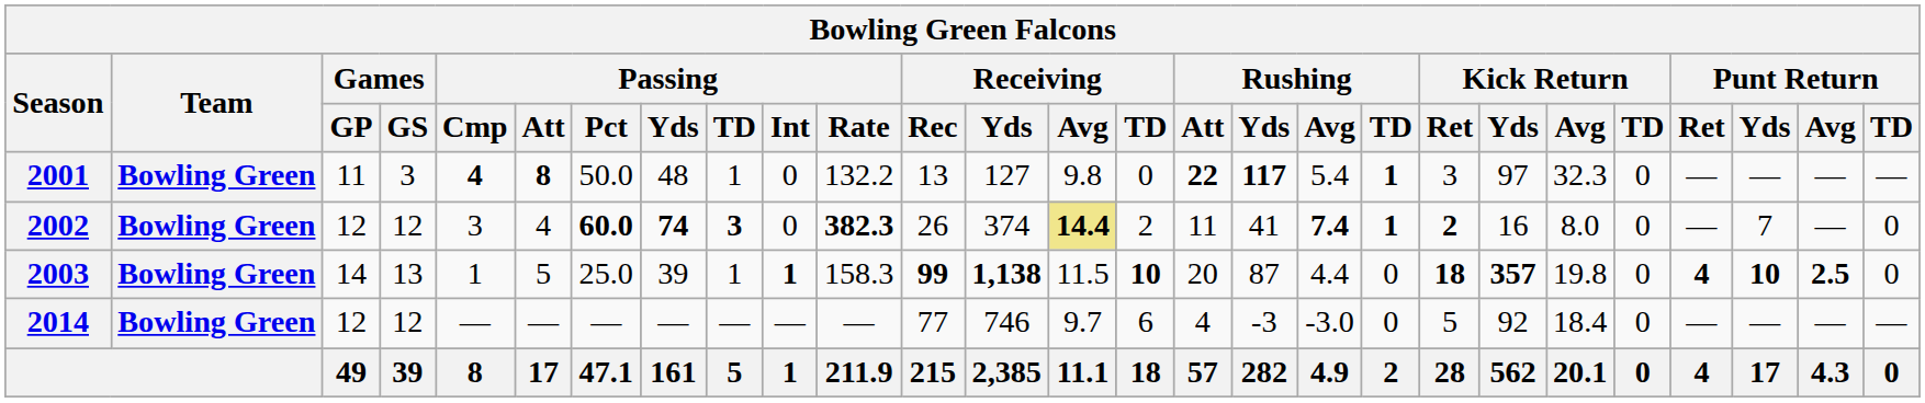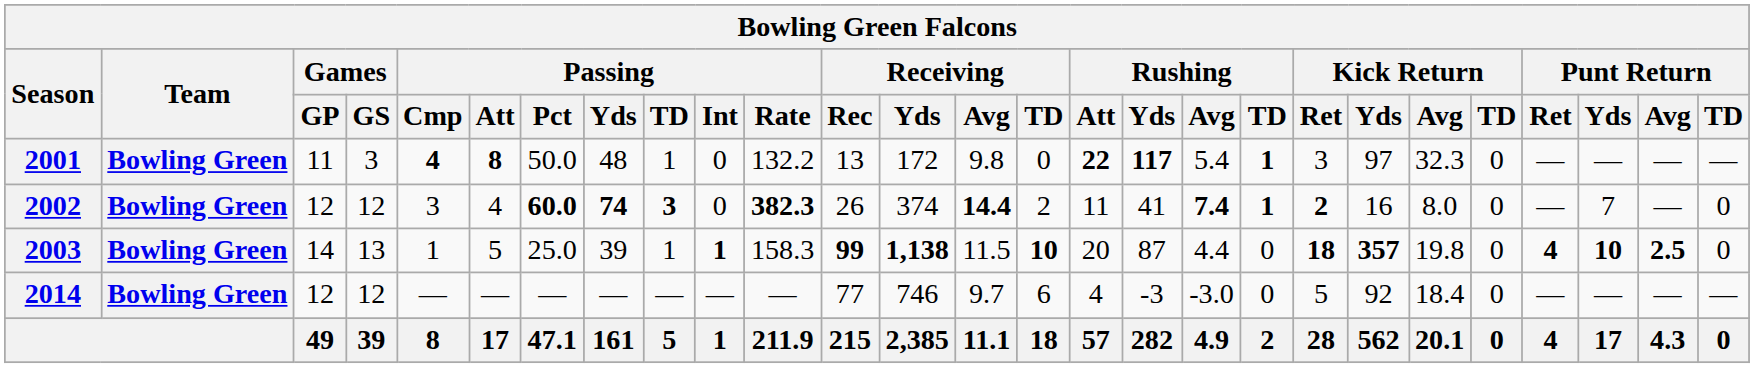 <table class="wikitable" style="text-align:center">
 <tr>
 <th colspan="27">Bowling Green Falcons</th>
 </tr>
 <tr>
 <th rowspan="2">Season</th>
 <th rowspan="2">Team</th>
 <th colspan="2">Games</th>
 <th colspan="7">Passing</th>
 <th colspan="4">Receiving</th>
 <th colspan="4">Rushing</th>
 <th colspan="4">Kick Return</th>
 <th colspan="4">Punt Return</th>
 </tr>
 <tr>
 <th>GP</th>
 <th>GS</th>
 <th>Cmp</th>
 <th>Att</th>
 <th>Pct</th>
 <th>Yds</th>
 <th>TD</th>
 <th>Int</th>
 <th>Rate</th>
 <th>Rec</th>
 <th>Yds</th>
 <th>Avg</th>
 <th>TD</th>
 <th>Att</th>
 <th>Yds</th>
 <th>Avg</th>
 <th>TD</th>
 <th>Ret</th>
 <th>Yds</th>
 <th>Avg</th>
 <th>TD</th>
 <th>Ret</th>
 <th>Yds</th>
 <th>Avg</th>
 <th>TD</th>
 </tr>
 <tr>
 <th><a href='#'>2001</a></th>
 <th><a href='#'>Bowling Green</a></th>
 <td>11</td>
 <td>3</td>
 <td><strong>4</strong></td>
 <td><strong>8</strong></td>
 <td>50.0</td>
 <td>48</td>
 <td>1</td>
 <td>0</td>
 <td>132.2</td>
 <td>13</td>
-<td>127</td>
+<td>172</td>
 <td>9.8</td>
 <td>0</td>
 <td><strong>22</strong></td>
 <td><strong>117</strong></td>
 <td>5.4</td>
 <td><strong>1</strong></td>
 <td>3</td>
 <td>97</td>
 <td>32.3</td>
 <td>0</td>
 <td>—</td>
 <td>—</td>
 <td>—</td>
 <td>—</td>
 </tr>
 <tr>
 <th><a href='#'>2002</a></th>
 <th><a href='#'>Bowling Green</a></th>
 <td>12</td>
 <td>12</td>
 <td>3</td>
 <td>4</td>
 <td><strong>60.0</strong></td>
 <td><strong>74</strong></td>
 <td><strong>3</strong></td>
 <td>0</td>
 <td><strong>382.3</strong></td>
 <td>26</td>
 <td>374</td>
-<td style="background: khaki;"><strong>14.4</strong></td>
+<td><strong>14.4</strong></td>
 <td>2</td>
 <td>11</td>
 <td>41</td>
 <td><strong>7.4</strong></td>
 <td><strong>1</strong></td>
 <td><strong>2</strong></td>
 <td>16</td>
 <td>8.0</td>
 <td>0</td>
 <td>—</td>
 <td>7</td>
 <td>—</td>
 <td>0</td>
 </tr>
 <tr>
 <th><a href='#'>2003</a></th>
 <th><a href='#'>Bowling Green</a></th>
 <td>14</td>
 <td>13</td>
 <td>1</td>
 <td>5</td>
 <td>25.0</td>
 <td>39</td>
 <td>1</td>
 <td><strong>1</strong></td>
 <td>158.3</td>
 <td><strong>99</strong></td>
 <td><strong>1,138</strong></td>
 <td>11.5</td>
 <td><strong>10</strong></td>
 <td>20</td>
 <td>87</td>
 <td>4.4</td>
 <td>0</td>
 <td><strong>18</strong></td>
 <td><strong>357</strong></td>
 <td>19.8</td>
 <td>0</td>
 <td><strong>4</strong></td>
 <td><strong>10</strong></td>
 <td><strong>2.5</strong></td>
 <td>0</td>
 </tr>
 <tr>
 <th><a href='#'>2014</a></th>
 <th><a href='#'>Bowling Green</a></th>
 <td>12</td>
 <td>12</td>
 <td>—</td>
 <td>—</td>
 <td>—</td>
 <td>—</td>
 <td>—</td>
 <td>—</td>
 <td>—</td>
 <td>77</td>
 <td>746</td>
 <td>9.7</td>
 <td>6</td>
 <td>4</td>
 <td>-3</td>
 <td>-3.0</td>
 <td>0</td>
 <td>5</td>
 <td>92</td>
 <td>18.4</td>
 <td>0</td>
 <td>—</td>
 <td>—</td>
 <td>—</td>
 <td>—</td>
 </tr>
 <tr>
 <th colspan="2"></th>
 <th>49</th>
 <th>39</th>
 <th>8</th>
 <th>17</th>
 <th>47.1</th>
 <th>161</th>
 <th>5</th>
 <th>1</th>
 <th>211.9</th>
 <th>215</th>
 <th>2,385</th>
 <th>11.1</th>
 <th>18</th>
 <th>57</th>
 <th>282</th>
 <th>4.9</th>
 <th>2</th>
 <th>28</th>
 <th>562</th>
 <th>20.1</th>
 <th>0</th>
 <th>4</th>
 <th>17</th>
 <th>4.3</th>
 <th>0</th>
 </tr>
 </table>
